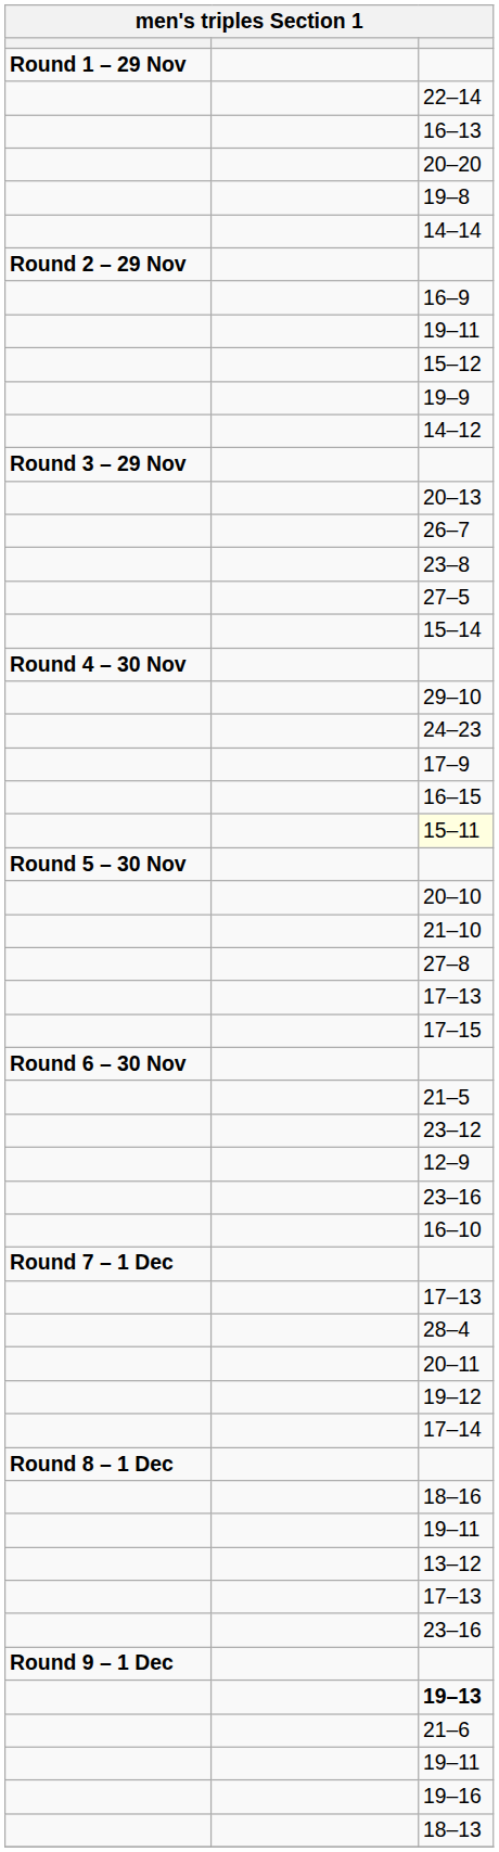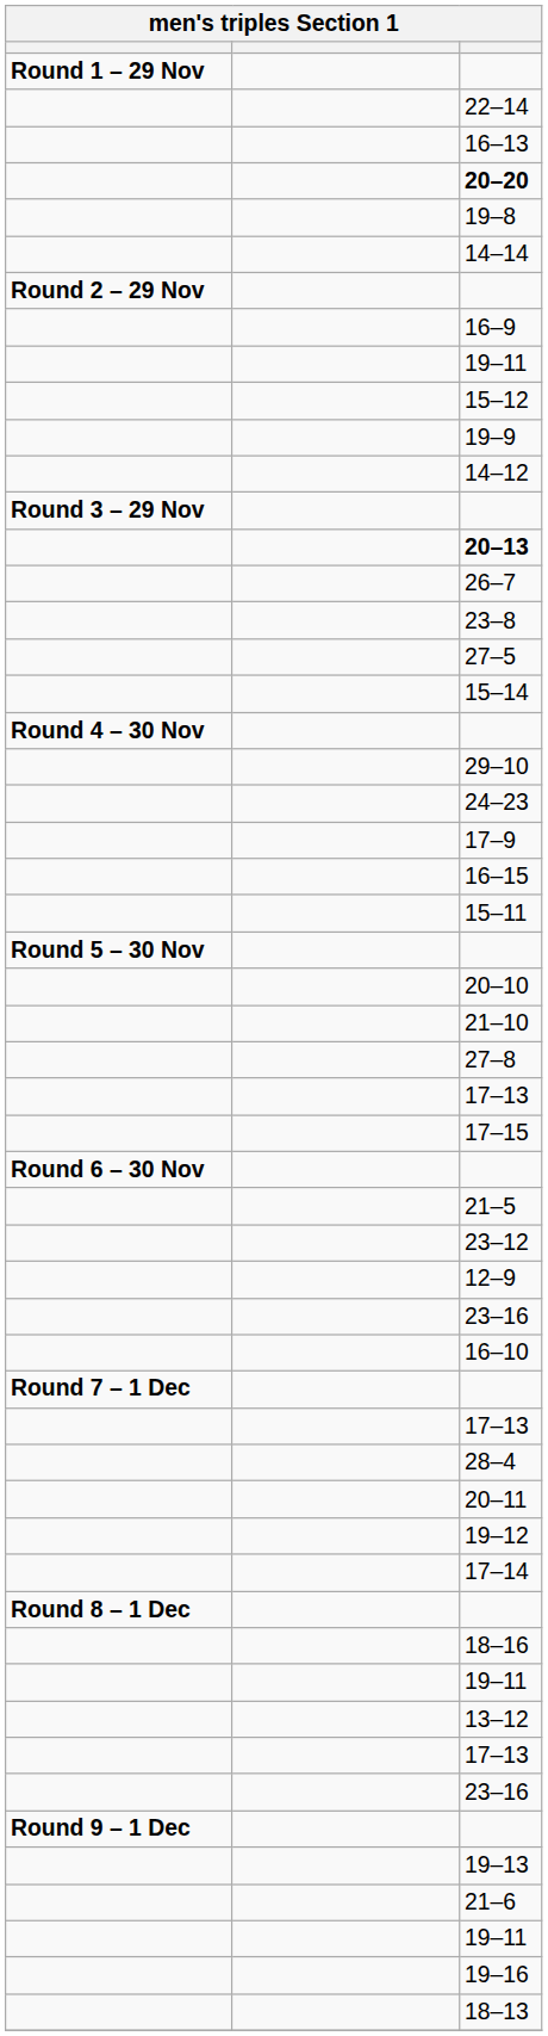 <table class="wikitable">
 <tr>
 <th colspan="3">men's triples Section 1</th>
 </tr>
 <tr>
 <th width=150></th>
 <th width=150></th>
 <th width=50></th>
 </tr>
 <tr>
 <td><strong>Round 1 – 29 Nov</strong></td>
 <td></td>
 <td></td>
 </tr>
 <tr>
 <td></td>
 <td></td>
 <td>22–14</td>
 </tr>
 <tr>
 <td></td>
 <td></td>
 <td>16–13</td>
 </tr>
 <tr>
 <td></td>
 <td></td>
-<td>20–20</td>
+<td><strong>20–20</strong></td>
 </tr>
 <tr>
 <td></td>
 <td></td>
 <td>19–8</td>
 </tr>
 <tr>
 <td></td>
 <td></td>
 <td>14–14</td>
 </tr>
 <tr>
 <td><strong>Round 2 – 29 Nov</strong></td>
 <td></td>
 <td></td>
 </tr>
 <tr>
 <td></td>
 <td></td>
 <td>16–9</td>
 </tr>
 <tr>
 <td></td>
 <td></td>
 <td>19–11</td>
 </tr>
 <tr>
 <td></td>
 <td></td>
 <td>15–12</td>
 </tr>
 <tr>
 <td></td>
 <td></td>
 <td>19–9</td>
 </tr>
 <tr>
 <td></td>
 <td></td>
 <td>14–12</td>
 </tr>
 <tr>
 <td><strong>Round 3 – 29 Nov</strong></td>
 <td></td>
 <td></td>
 </tr>
 <tr>
 <td></td>
 <td></td>
-<td>20–13</td>
+<td><strong>20–13</strong></td>
 </tr>
 <tr>
 <td></td>
 <td></td>
 <td>26–7</td>
 </tr>
 <tr>
 <td></td>
 <td></td>
 <td>23–8</td>
 </tr>
 <tr>
 <td></td>
 <td></td>
 <td>27–5</td>
 </tr>
 <tr>
 <td></td>
 <td></td>
 <td>15–14</td>
 </tr>
 <tr>
 <td><strong>Round 4 – 30 Nov</strong></td>
 <td></td>
 <td></td>
 </tr>
 <tr>
 <td></td>
 <td></td>
 <td>29–10</td>
 </tr>
 <tr>
 <td></td>
 <td></td>
 <td>24–23</td>
 </tr>
 <tr>
 <td></td>
 <td></td>
 <td>17–9</td>
 </tr>
 <tr>
 <td></td>
 <td></td>
 <td>16–15</td>
 </tr>
 <tr>
 <td></td>
 <td></td>
-<td style="background: lightyellow;">15–11</td>
+<td>15–11</td>
 </tr>
 <tr>
 <td><strong>Round 5 – 30 Nov</strong></td>
 <td></td>
 <td></td>
 </tr>
 <tr>
 <td></td>
 <td></td>
 <td>20–10</td>
 </tr>
 <tr>
 <td></td>
 <td></td>
 <td>21–10</td>
 </tr>
 <tr>
 <td></td>
 <td></td>
 <td>27–8</td>
 </tr>
 <tr>
 <td></td>
 <td></td>
 <td>17–13</td>
 </tr>
 <tr>
 <td></td>
 <td></td>
 <td>17–15</td>
 </tr>
 <tr>
 <td><strong>Round 6  – 30 Nov </strong></td>
 <td></td>
 <td></td>
 </tr>
 <tr>
 <td></td>
 <td></td>
 <td>21–5</td>
 </tr>
 <tr>
 <td></td>
 <td></td>
 <td>23–12</td>
 </tr>
 <tr>
 <td></td>
 <td></td>
 <td>12–9</td>
 </tr>
 <tr>
 <td></td>
 <td></td>
 <td>23–16</td>
 </tr>
 <tr>
 <td></td>
 <td></td>
 <td>16–10</td>
 </tr>
 <tr>
 <td><strong>Round 7 – 1 Dec </strong></td>
 <td></td>
 <td></td>
 </tr>
 <tr>
 <td></td>
 <td></td>
 <td>17–13</td>
 </tr>
 <tr>
 <td></td>
 <td></td>
 <td>28–4</td>
 </tr>
 <tr>
 <td></td>
 <td></td>
 <td>20–11</td>
 </tr>
 <tr>
 <td></td>
 <td></td>
 <td>19–12</td>
 </tr>
 <tr>
 <td></td>
 <td></td>
 <td>17–14</td>
 </tr>
 <tr>
 <td><strong>Round 8 – 1 Dec </strong></td>
 <td></td>
 <td></td>
 </tr>
 <tr>
 <td></td>
 <td></td>
 <td>18–16</td>
 </tr>
 <tr>
 <td></td>
 <td></td>
 <td>19–11</td>
 </tr>
 <tr>
 <td></td>
 <td></td>
 <td>13–12</td>
 </tr>
 <tr>
 <td></td>
 <td></td>
 <td>17–13</td>
 </tr>
 <tr>
 <td></td>
 <td></td>
 <td>23–16</td>
 </tr>
 <tr>
 <td><strong>Round 9 – 1 Dec </strong></td>
 <td></td>
 <td></td>
 </tr>
 <tr>
 <td></td>
 <td></td>
-<td><strong>19–13</strong></td>
+<td>19–13</td>
 </tr>
 <tr>
 <td></td>
 <td></td>
 <td>21–6</td>
 </tr>
 <tr>
 <td></td>
 <td></td>
 <td>19–11</td>
 </tr>
 <tr>
 <td></td>
 <td></td>
 <td>19–16</td>
 </tr>
 <tr>
 <td></td>
 <td></td>
 <td>18–13</td>
 </tr>
 <tr>
 </tr>
 </table>
